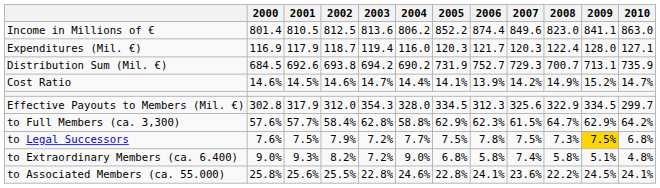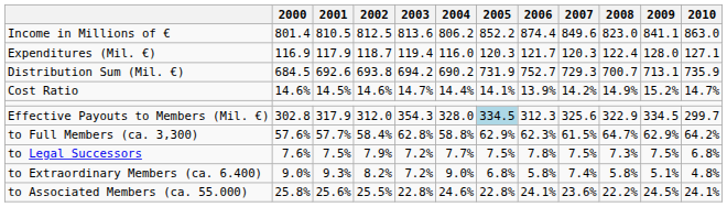 <table class="wikitable">
 <tr>
 <th></th>
 <th>2000</th>
 <th>2001</th>
 <th>2002</th>
 <th>2003</th>
 <th>2004</th>
 <th>2005</th>
 <th>2006</th>
 <th>2007</th>
 <th>2008</th>
 <th>2009</th>
 <th>2010</th>
 </tr>
 <tr align="right">
 <td align="left">Income in Millions of €</td>
 <td>801.4</td>
 <td>810.5</td>
 <td>812.5</td>
 <td>813.6</td>
 <td>806.2</td>
 <td>852.2</td>
 <td>874.4</td>
 <td>849.6</td>
 <td>823.0</td>
 <td>841.1</td>
 <td>863.0</td>
 </tr>
 <tr align="right">
 <td align="left">Expenditures (Mil. €)</td>
 <td>116.9</td>
 <td>117.9</td>
 <td>118.7</td>
 <td>119.4</td>
 <td>116.0</td>
 <td>120.3</td>
 <td>121.7</td>
 <td>120.3</td>
 <td>122.4</td>
 <td>128.0</td>
 <td>127.1</td>
 </tr>
 <tr align="right">
 <td align="left">Distribution Sum (Mil. €)</td>
 <td>684.5</td>
 <td>692.6</td>
 <td>693.8</td>
 <td>694.2</td>
 <td>690.2</td>
 <td>731.9</td>
 <td>752.7</td>
 <td>729.3</td>
 <td>700.7</td>
 <td>713.1</td>
 <td>735.9</td>
 </tr>
 <tr align="right">
 <td align="left">Cost Ratio</td>
 <td>14.6%</td>
 <td>14.5%</td>
 <td>14.6%</td>
 <td>14.7%</td>
 <td>14.4%</td>
 <td>14.1%</td>
 <td>13.9%</td>
 <td>14.2%</td>
 <td>14.9%</td>
 <td>15.2%</td>
 <td>14.7%</td>
 </tr>
 <tr>
 <td></td>
 </tr>
 <tr align="right">
 <td align="left">Effective Payouts to Members (Mil. €)</td>
 <td>302.8</td>
 <td>317.9</td>
 <td>312.0</td>
 <td>354.3</td>
 <td>328.0</td>
-<td>334.5</td>
+<td style="background: lightblue;">334.5</td>
 <td>312.3</td>
 <td>325.6</td>
 <td>322.9</td>
 <td>334.5</td>
 <td>299.7</td>
 </tr>
 <tr align="right">
 <td align="left">to Full Members (ca. 3,300)</td>
 <td>57.6%</td>
 <td>57.7%</td>
 <td>58.4%</td>
 <td>62.8%</td>
 <td>58.8%</td>
 <td>62.9%</td>
 <td>62.3%</td>
 <td>61.5%</td>
 <td>64.7%</td>
 <td>62.9%</td>
 <td>64.2%</td>
 </tr>
 <tr align="right">
 <td align="left">to <a href='#'>Legal Successors</a></td>
 <td>7.6%</td>
 <td>7.5%</td>
 <td>7.9%</td>
 <td>7.2%</td>
 <td>7.7%</td>
 <td>7.5%</td>
 <td>7.8%</td>
 <td>7.5%</td>
 <td>7.3%</td>
-<td style="background: gold;">7.5%</td>
+<td>7.5%</td>
 <td>6.8%</td>
 </tr>
 <tr align="right">
 <td align="left">to Extraordinary Members (ca. 6.400)</td>
 <td>9.0%</td>
 <td>9.3%</td>
 <td>8.2%</td>
 <td>7.2%</td>
 <td>9.0%</td>
 <td>6.8%</td>
 <td>5.8%</td>
 <td>7.4%</td>
 <td>5.8%</td>
 <td>5.1%</td>
 <td>4.8%</td>
 </tr>
 <tr align="right">
 <td align="left">to Associated Members (ca. 55.000)</td>
 <td>25.8%</td>
 <td>25.6%</td>
 <td>25.5%</td>
 <td>22.8%</td>
 <td>24.6%</td>
 <td>22.8%</td>
 <td>24.1%</td>
 <td>23.6%</td>
 <td>22.2%</td>
 <td>24.5%</td>
 <td>24.1%</td>
 </tr>
 </table>
